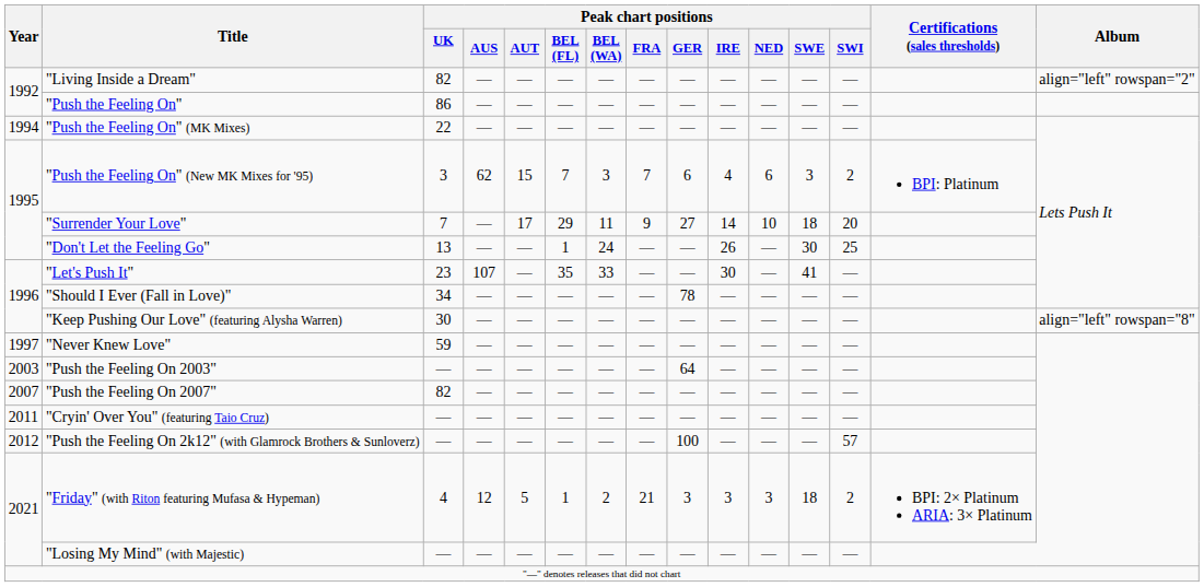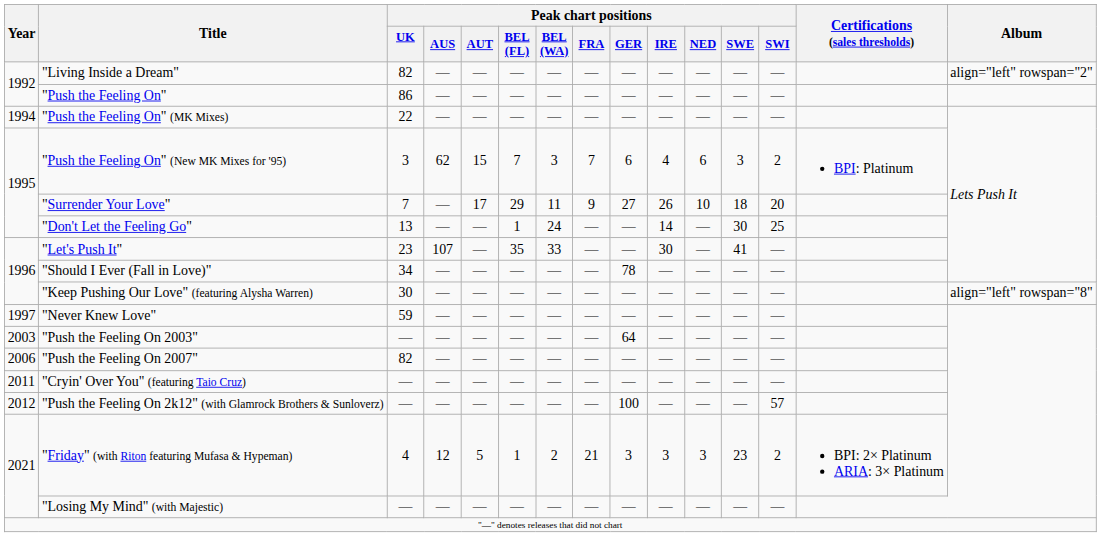 <table class="wikitable" style="text-align:left;">
 <tr>
 <th rowspan="2">Year</th>
 <th rowspan="2">Title</th>
 <th colspan="11">Peak chart positions</th>
 <th rowspan="2"><a href='#'>Certifications</a><br><small>(<a href='#'>sales thresholds</a>)</small></th>
 <th rowspan="2">Album</th>
 </tr>
 <tr>
 <th scope="col" style="width:2.5em;font-size:90%;"><a href='#'>UK</a><br><br></th>
 <th scope="col" style="width:2.5em;font-size:90%;"><a href='#'>AUS</a><br></th>
 <th scope="col" style="width:2.5em;font-size:90%;"><a href='#'>AUT</a><br></th>
 <th scope="col" style="width:2.5em;font-size:90%;"><a href='#'>BEL<br>(FL)</a><br></th>
 <th scope="col" style="width:2.5em;font-size:90%;"><a href='#'>BEL<br>(WA)</a><br></th>
 <th scope="col" style="width:2.5em;font-size:90%;"><a href='#'>FRA</a><br></th>
 <th scope="col" style="width:2.5em;font-size:90%;"><a href='#'>GER</a><br></th>
 <th scope="col" style="width:2.5em;font-size:90%;"><a href='#'>IRE</a><br></th>
 <th scope="col" style="width:2.5em;font-size:90%;"><a href='#'>NED</a><br></th>
 <th scope="col" style="width:2.5em;font-size:90%;"><a href='#'>SWE</a><br></th>
 <th scope="col" style="width:2.5em;font-size:90%;"><a href='#'>SWI</a><br></th>
 </tr>
 <tr>
 <td rowspan=2>1992</td>
 <td>"Living Inside a Dream"</td>
 <td align="center">82</td>
 <td align="center">—</td>
 <td align="center">—</td>
 <td align="center">—</td>
 <td align="center">—</td>
 <td align="center">—</td>
 <td align="center">—</td>
 <td align="center">—</td>
 <td align="center">—</td>
 <td align="center">—</td>
 <td align="center">—</td>
 <td></td>
 <td>align="left" rowspan="2" </td>
 </tr>
 <tr>
 <td>"<a href='#'>Push the Feeling On</a>"</td>
 <td align="center">86</td>
 <td align="center">—</td>
 <td align="center">—</td>
 <td align="center">—</td>
 <td align="center">—</td>
 <td align="center">—</td>
 <td align="center">—</td>
 <td align="center">—</td>
 <td align="center">—</td>
 <td align="center">—</td>
 <td align="center">—</td>
 <td></td>
 </tr>
 <tr>
 <td>1994</td>
 <td>"<a href='#'>Push the Feeling On</a>" <small>(MK Mixes)</small></td>
 <td align="center">22</td>
 <td align="center">—</td>
 <td align="center">—</td>
 <td align="center">—</td>
 <td align="center">—</td>
 <td align="center">—</td>
 <td align="center">—</td>
 <td align="center">—</td>
 <td align="center">—</td>
 <td align="center">—</td>
 <td align="center">—</td>
 <td></td>
 <td align="left" rowspan="6"><em>Lets Push It</em></td>
 </tr>
 <tr>
 <td rowspan=3>1995</td>
 <td>"<a href='#'>Push the Feeling On</a>" <small>(New MK Mixes for '95)</small></td>
 <td align="center">3</td>
 <td align="center">62</td>
 <td align="center">15</td>
 <td align="center">7</td>
 <td align="center">3</td>
 <td align="center">7</td>
 <td align="center">6</td>
 <td align="center">4</td>
 <td align="center">6</td>
 <td align="center">3</td>
 <td align="center">2</td>
 <td><br><ul><li><a href='#'>BPI</a>: Platinum</li></ul></td>
 </tr>
 <tr>
 <td>"<a href='#'>Surrender Your Love</a>"</td>
 <td align="center">7</td>
 <td align="center">—</td>
 <td align="center">17</td>
 <td align="center">29</td>
 <td align="center">11</td>
 <td align="center">9</td>
 <td align="center">27</td>
-<td align="center">14</td>
+<td align="center">26</td>
 <td align="center">10</td>
 <td align="center">18</td>
 <td align="center">20</td>
 <td></td>
 </tr>
 <tr>
 <td>"<a href='#'>Don't Let the Feeling Go</a>"</td>
 <td align="center">13</td>
 <td align="center">—</td>
 <td align="center">—</td>
 <td align="center">1</td>
 <td align="center">24</td>
 <td align="center">—</td>
 <td align="center">—</td>
-<td align="center">26</td>
+<td align="center">14</td>
 <td align="center">—</td>
 <td align="center">30</td>
 <td align="center">25</td>
 <td></td>
 </tr>
 <tr>
 <td rowspan=3>1996</td>
 <td>"<a href='#'>Let's Push It</a>"</td>
 <td align="center">23</td>
 <td align="center">107</td>
 <td align="center">—</td>
 <td align="center">35</td>
 <td align="center">33</td>
 <td align="center">—</td>
 <td align="center">—</td>
 <td align="center">30</td>
 <td align="center">—</td>
 <td align="center">41</td>
 <td align="center">—</td>
 <td></td>
 </tr>
 <tr>
 <td>"Should I Ever (Fall in Love)"</td>
 <td align="center">34</td>
 <td align="center">—</td>
 <td align="center">—</td>
 <td align="center">—</td>
 <td align="center">—</td>
 <td align="center">—</td>
 <td align="center">78</td>
 <td align="center">—</td>
 <td align="center">—</td>
 <td align="center">—</td>
 <td align="center">—</td>
 <td></td>
 </tr>
 <tr>
 <td>"Keep Pushing Our Love" <small>(featuring Alysha Warren)</small></td>
 <td align="center">30</td>
 <td align="center">—</td>
 <td align="center">—</td>
 <td align="center">—</td>
 <td align="center">—</td>
 <td align="center">—</td>
 <td align="center">—</td>
 <td align="center">—</td>
 <td align="center">—</td>
 <td align="center">—</td>
 <td align="center">—</td>
 <td></td>
 <td>align="left" rowspan="8" </td>
 </tr>
 <tr>
 <td>1997</td>
 <td>"Never Knew Love"</td>
 <td align="center">59</td>
 <td align="center">—</td>
 <td align="center">—</td>
 <td align="center">—</td>
 <td align="center">—</td>
 <td align="center">—</td>
 <td align="center">—</td>
 <td align="center">—</td>
 <td align="center">—</td>
 <td align="center">—</td>
 <td align="center">—</td>
 <td></td>
 </tr>
 <tr>
 <td>2003</td>
 <td>"Push the Feeling On 2003"</td>
 <td align="center">—</td>
 <td align="center">—</td>
 <td align="center">—</td>
 <td align="center">—</td>
 <td align="center">—</td>
 <td align="center">—</td>
 <td align="center">64</td>
 <td align="center">—</td>
 <td align="center">—</td>
 <td align="center">—</td>
 <td align="center">—</td>
 <td></td>
 </tr>
 <tr>
-<td>2007</td>
+<td>2006</td>
 <td>"Push the Feeling On 2007"</td>
 <td align="center">82</td>
 <td align="center">—</td>
 <td align="center">—</td>
 <td align="center">—</td>
 <td align="center">—</td>
 <td align="center">—</td>
 <td align="center">—</td>
 <td align="center">—</td>
 <td align="center">—</td>
 <td align="center">—</td>
 <td align="center">—</td>
 <td></td>
 </tr>
 <tr>
 <td>2011</td>
 <td>"Cryin' Over You" <small>(featuring <a href='#'>Taio Cruz</a>)</small></td>
 <td align="center">—</td>
 <td align="center">—</td>
 <td align="center">—</td>
 <td align="center">—</td>
 <td align="center">—</td>
 <td align="center">—</td>
 <td align="center">—</td>
 <td align="center">—</td>
 <td align="center">—</td>
 <td align="center">—</td>
 <td align="center">—</td>
 <td></td>
 </tr>
 <tr>
 <td>2012</td>
 <td>"Push the Feeling On 2k12" <small>(with Glamrock Brothers & Sunloverz)</small></td>
 <td align="center">—</td>
 <td align="center">—</td>
 <td align="center">—</td>
 <td align="center">—</td>
 <td align="center">—</td>
 <td align="center">—</td>
 <td align="center">100</td>
 <td align="center">—</td>
 <td align="center">—</td>
 <td align="center">—</td>
 <td align="center">57</td>
 <td></td>
 </tr>
 <tr>
 <td rowspan="2">2021</td>
 <td>"<a href='#'>Friday</a>" <small>(with <a href='#'>Riton</a> featuring Mufasa & Hypeman)</small></td>
 <td align="center">4</td>
 <td align="center">12</td>
 <td align="center">5</td>
 <td align="center">1</td>
 <td align="center">2</td>
 <td align="center">21<br></td>
 <td align="center">3</td>
 <td align="center">3<br></td>
 <td align="center">3</td>
-<td align="center">18</td>
+<td align="center">23<br></td>
 <td align="center">2</td>
 <td><br><ul><li>BPI: 2× Platinum</li><li><a href='#'>ARIA</a>: 3× Platinum</li></ul></td>
 </tr>
 <tr>
 <td>"Losing My Mind" <small>(with Majestic)</small></td>
 <td align="center">—</td>
 <td align="center">—</td>
 <td align="center">—</td>
 <td align="center">—</td>
 <td align="center">—</td>
 <td align="center">—</td>
 <td align="center">—</td>
 <td align="center">—</td>
 <td align="center">—</td>
 <td align="center">—</td>
 <td align="center">—</td>
 </tr>
 <tr>
 <td align="center" colspan="15" style="font-size:8pt">"—" denotes releases that did not chart</td>
 </tr>
 </table>
